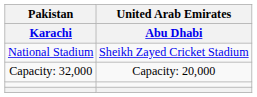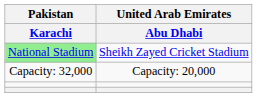 <table class="wikitable" style="text-align:center;margin:1em auto;">
 <tr>
 <th>Pakistan</th>
 <th>United Arab Emirates</th>
 </tr>
 <tr>
 <th><a href='#'>Karachi</a></th>
 <th><a href='#'>Abu Dhabi</a></th>
 </tr>
 <tr>
-<td><a href='#'>National Stadium</a></td>
+<td style="background: lightgreen;"><a href='#'>National Stadium</a></td>
 <td><a href='#'>Sheikh Zayed Cricket Stadium</a></td>
 </tr>
 <tr>
 <td>Capacity: 32,000</td>
 <td>Capacity: 20,000</td>
 </tr>
 <tr>
 <td></td>
 <td></td>
 </tr>
 <tr>
 <th></th>
 <th></th>
 </tr>
 </table>
